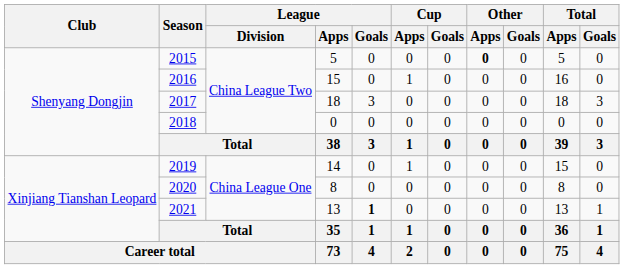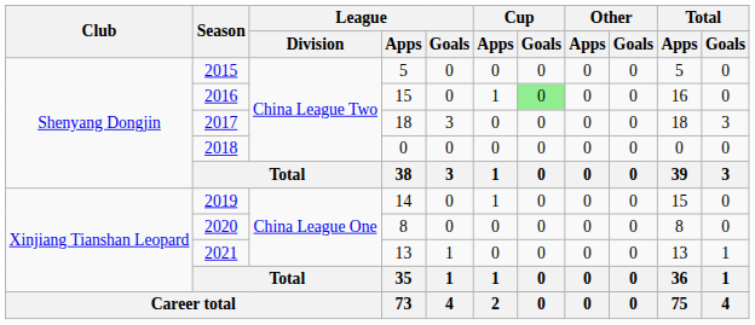 <table class="wikitable" style="text-align: center">
 <tr>
 <th rowspan="2">Club</th>
 <th rowspan="2">Season</th>
 <th colspan="3">League</th>
 <th colspan="2">Cup</th>
 <th colspan="2">Other</th>
 <th colspan="2">Total</th>
 </tr>
 <tr>
 <th>Division</th>
 <th>Apps</th>
 <th>Goals</th>
 <th>Apps</th>
 <th>Goals</th>
 <th>Apps</th>
 <th>Goals</th>
 <th>Apps</th>
 <th>Goals</th>
 </tr>
 <tr>
 <td rowspan="5"><a href='#'>Shenyang Dongjin</a></td>
 <td><a href='#'>2015</a></td>
 <td rowspan="4"><a href='#'>China League Two</a></td>
 <td>5</td>
 <td>0</td>
 <td>0</td>
 <td>0</td>
-<td><strong>0</strong></td>
+<td>0</td>
 <td>0</td>
 <td>5</td>
 <td>0</td>
 </tr>
 <tr>
 <td><a href='#'>2016</a></td>
 <td>15</td>
 <td>0</td>
 <td>1</td>
-<td>0</td>
+<td style="background: lightgreen;">0</td>
 <td>0</td>
 <td>0</td>
 <td>16</td>
 <td>0</td>
 </tr>
 <tr>
 <td><a href='#'>2017</a></td>
 <td>18</td>
 <td>3</td>
 <td>0</td>
 <td>0</td>
 <td>0</td>
 <td>0</td>
 <td>18</td>
 <td>3</td>
 </tr>
 <tr>
 <td><a href='#'>2018</a></td>
 <td>0</td>
 <td>0</td>
 <td>0</td>
 <td>0</td>
 <td>0</td>
 <td>0</td>
 <td>0</td>
 <td>0</td>
 </tr>
 <tr>
 <th colspan=2>Total</th>
 <th>38</th>
 <th>3</th>
 <th>1</th>
 <th>0</th>
 <th>0</th>
 <th>0</th>
 <th>39</th>
 <th>3</th>
 </tr>
 <tr>
 <td rowspan="4"><a href='#'>Xinjiang Tianshan Leopard</a></td>
 <td><a href='#'>2019</a></td>
 <td rowspan="3"><a href='#'>China League One</a></td>
 <td>14</td>
 <td>0</td>
 <td>1</td>
 <td>0</td>
 <td>0</td>
 <td>0</td>
 <td>15</td>
 <td>0</td>
 </tr>
 <tr>
 <td><a href='#'>2020</a></td>
 <td>8</td>
 <td>0</td>
 <td>0</td>
 <td>0</td>
 <td>0</td>
 <td>0</td>
 <td>8</td>
 <td>0</td>
 </tr>
 <tr>
 <td><a href='#'>2021</a></td>
 <td>13</td>
-<td><strong>1</strong></td>
+<td>1</td>
 <td>0</td>
 <td>0</td>
 <td>0</td>
 <td>0</td>
 <td>13</td>
 <td>1</td>
 </tr>
 <tr>
 <th colspan=2>Total</th>
 <th>35</th>
 <th>1</th>
 <th>1</th>
 <th>0</th>
 <th>0</th>
 <th>0</th>
 <th>36</th>
 <th>1</th>
 </tr>
 <tr>
 <th colspan=3>Career total</th>
 <th>73</th>
 <th>4</th>
 <th>2</th>
 <th>0</th>
 <th>0</th>
 <th>0</th>
 <th>75</th>
 <th>4</th>
 </tr>
 </table>
